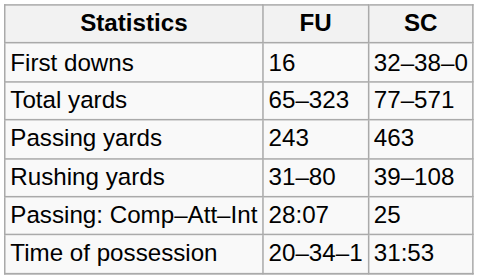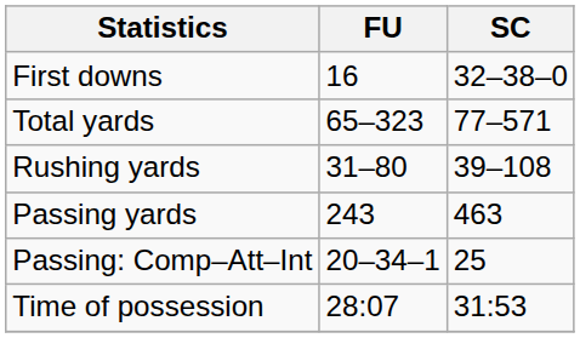 <table class="wikitable" style="float: left;">
 <tr>
 <th>Statistics</th>
 <th>FU</th>
 <th>SC</th>
 </tr>
 <tr>
 <td>First downs</td>
 <td>16</td>
 <td>32–38–0</td>
 </tr>
 <tr>
 <td>Total yards</td>
 <td>65–323</td>
 <td>77–571</td>
 </tr>
 <tr>
+<td>Rushing yards</td>
+<td>31–80</td>
+<td>39–108</td>
+</tr>
+<tr>
 <td>Passing yards</td>
 <td>243</td>
 <td>463</td>
 </tr>
 <tr>
-<td>Rushing yards</td>
-<td>31–80</td>
-<td>39–108</td>
-</tr>
-<tr>
 <td>Passing: Comp–Att–Int</td>
-<td>28:07</td>
+<td>20–34–1</td>
 <td>25</td>
 </tr>
 <tr>
 <td>Time of possession</td>
-<td>20–34–1</td>
+<td>28:07</td>
 <td>31:53</td>
 </tr>
 <tr>
 </tr>
 </table>
